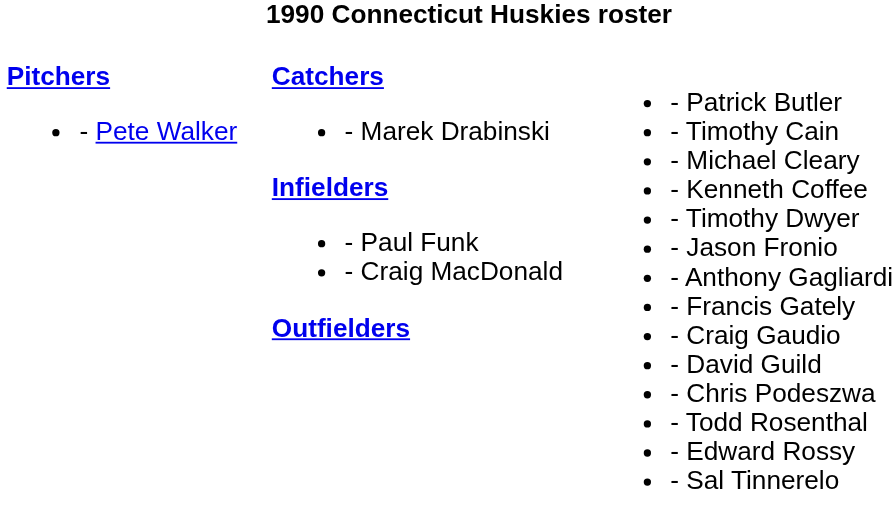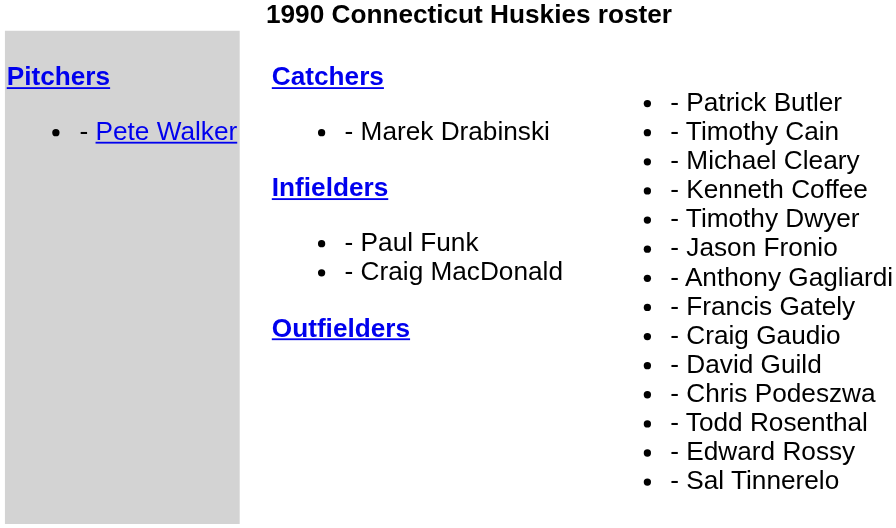 <table class="toccolours" style="border-collapse:collapse; font-size:90%;">
 <tr>
 <th colspan=9>1990 Connecticut Huskies roster</th>
 </tr>
 <tr>
 </tr>
 <tr>
 <td width="03"> </td>
-<td valign="top"><br><strong><a href='#'>Pitchers</a></strong><ul><li>- <a href='#'>Pete Walker</a></li></ul></td>
+<td valign="top" style="background: lightgrey;"><br><strong><a href='#'>Pitchers</a></strong><ul><li>- <a href='#'>Pete Walker</a></li></ul></td>
 <td width="15"> </td>
 <td valign="top"><br><strong><a href='#'>Catchers</a></strong><ul><li>- Marek Drabinski</li></ul><strong><a href='#'>Infielders</a></strong><ul><li>- Paul Funk</li><li>- Craig MacDonald</li></ul><strong><a href='#'>Outfielders</a></strong></td>
 <td width="15"> </td>
 <td valign="top"><br><ul><li>- Patrick Butler</li><li>- Timothy Cain</li><li>- Michael Cleary</li><li>- Kenneth Coffee</li><li>- Timothy Dwyer</li><li>- Jason Fronio</li><li>- Anthony Gagliardi</li><li>- Francis Gately</li><li>- Craig Gaudio</li><li>- David Guild</li><li>- Chris Podeszwa</li><li>- Todd Rosenthal</li><li>- Edward Rossy</li><li>- Sal Tinnerelo</li></ul></td>
 <td width="25"> </td>
 </tr>
 </table>
